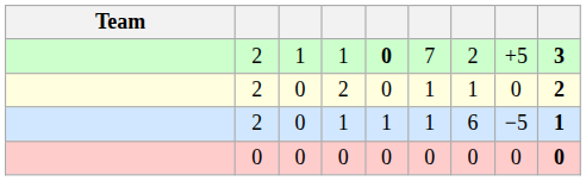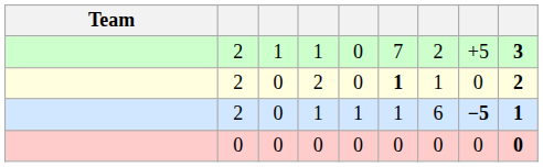 <table class="wikitable" style="text-align:center">
 <tr>
 <th width=165>Team</th>
 <th width=25></th>
 <th width=25></th>
 <th width=25></th>
 <th width=25></th>
 <th width=25></th>
 <th width=25></th>
 <th width=25></th>
 <th width=25></th>
 </tr>
 <tr style="background:#cfc">
 <td align="left"></td>
 <td>2</td>
 <td>1</td>
 <td>1</td>
-<td><strong>0</strong></td>
+<td>0</td>
 <td>7</td>
 <td>2</td>
 <td>+5</td>
 <td><strong>3</strong></td>
 </tr>
 <tr style="background:#ffffe0">
 <td align="left"></td>
 <td>2</td>
 <td>0</td>
 <td>2</td>
 <td>0</td>
-<td>1</td>
+<td><strong>1</strong></td>
 <td>1</td>
 <td>0</td>
 <td><strong>2</strong></td>
 </tr>
 <tr style="background:#d0e7ff">
 <td align="left"></td>
 <td>2</td>
 <td>0</td>
 <td>1</td>
 <td>1</td>
 <td>1</td>
 <td>6</td>
-<td>−5</td>
+<td><strong>−5</strong></td>
 <td><strong>1</strong></td>
 </tr>
 <tr style="background:#ffcccc">
 <td align="left"> <em></em></td>
 <td>0</td>
 <td>0</td>
 <td>0</td>
 <td>0</td>
 <td>0</td>
 <td>0</td>
 <td>0</td>
 <td><strong>0</strong></td>
 </tr>
 </table>
